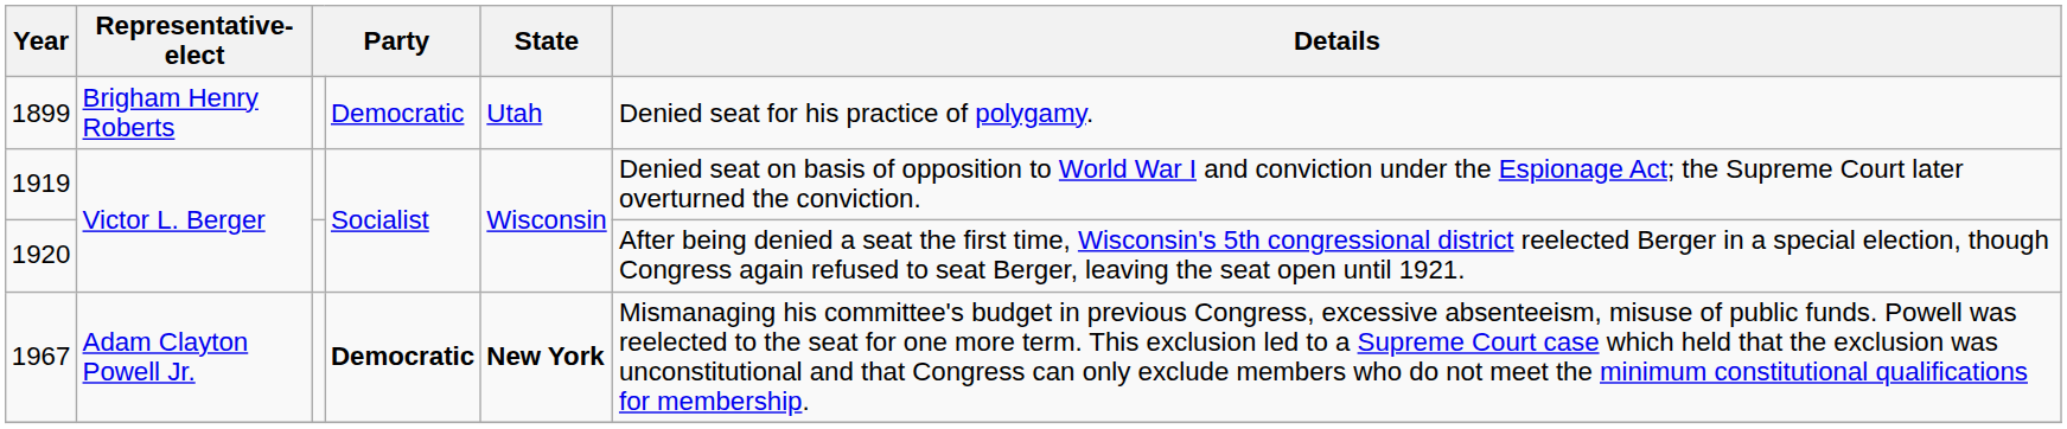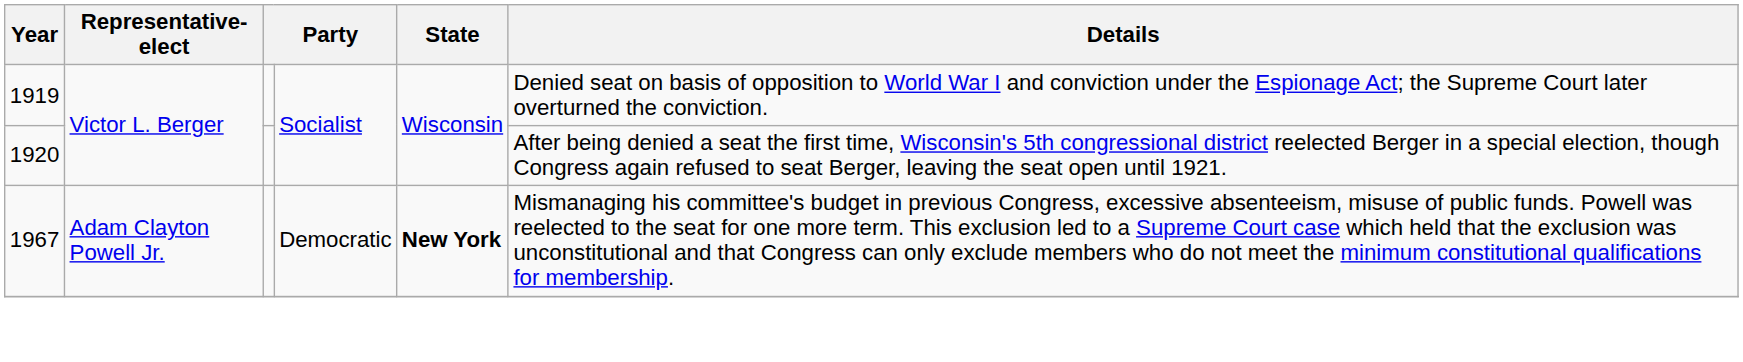 <table class="wikitable">
 <tr>
 <th>Year</th>
 <th>Representative-elect</th>
 <th colspan=2>Party</th>
 <th>State</th>
 <th>Details</th>
-</tr>
-<tr>
-<td>1899</td>
-<td><a href='#'>Brigham Henry Roberts</a></td>
-<td style="background-color:"></td>
-<td><a href='#'>Democratic</a></td>
-<td><a href='#'>Utah</a></td>
-<td>Denied seat for his practice of <a href='#'>polygamy</a>.</td>
 </tr>
 <tr>
 <td>1919</td>
 <td rowspan="2"><a href='#'>Victor L. Berger</a></td>
 <td style="background-color:"></td>
 <td rowspan="2"><a href='#'>Socialist</a></td>
 <td rowspan="2"><a href='#'>Wisconsin</a></td>
 <td>Denied seat on basis of opposition to <a href='#'>World War I</a> and conviction under the <a href='#'>Espionage Act</a>; the Supreme Court later overturned the conviction.</td>
 </tr>
 <tr>
 <td>1920</td>
 <td style="background-color:"></td>
 <td>After being denied a seat the first time, <a href='#'>Wisconsin's 5th congressional district</a> reelected Berger in a special election, though Congress again refused to seat Berger, leaving the seat open until 1921.</td>
 </tr>
 <tr>
 <td>1967</td>
 <td><a href='#'>Adam Clayton Powell Jr.</a></td>
 <td style="background-color:"></td>
-<td><strong>Democratic</strong></td>
+<td>Democratic</td>
 <td><strong>New York</strong></td>
 <td>Mismanaging his committee's budget in previous Congress, excessive absenteeism, misuse of public funds. Powell was reelected to the seat for one more term.  This exclusion led to a <a href='#'>Supreme Court case</a> which held that the exclusion was unconstitutional and that Congress can only exclude members who do not meet the <a href='#'>minimum constitutional qualifications for membership</a>.</td>
 </tr>
 <tr>
 </tr>
 </table>
